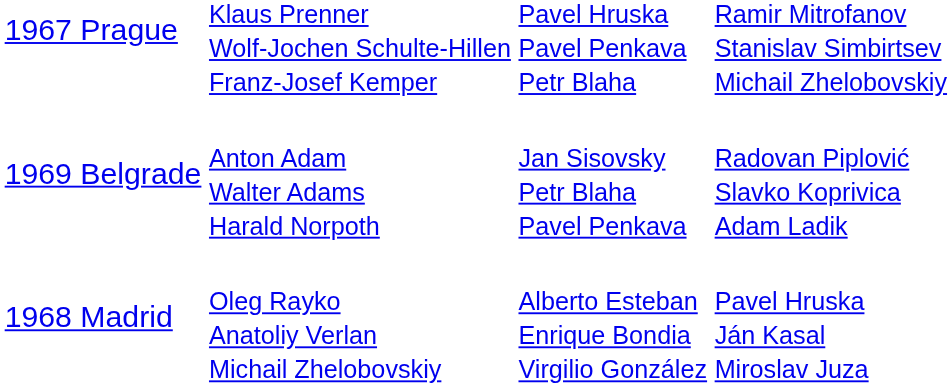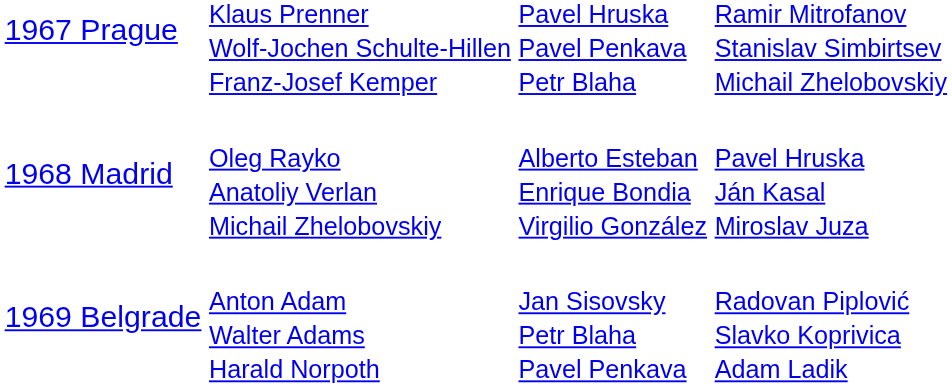 <table>
 <tr>
 <td><a href='#'>1967 Prague</a><br></td>
 <td><br><small><a href='#'>Klaus Prenner</a><br><a href='#'>Wolf-Jochen Schulte-Hillen</a><br><a href='#'>Franz-Josef Kemper</a></small></td>
 <td><br><small><a href='#'>Pavel Hruska</a><br><a href='#'>Pavel Penkava</a><br><a href='#'>Petr Blaha</a></small></td>
 <td><br><small><a href='#'>Ramir Mitrofanov</a><br><a href='#'>Stanislav Simbirtsev</a><br><a href='#'>Michail Zhelobovskiy</a></small></td>
 </tr>
 <tr>
+<td><a href='#'>1968 Madrid</a><br></td>
+<td><br><small><a href='#'>Oleg Rayko</a><br><a href='#'>Anatoliy Verlan</a><br><a href='#'>Michail Zhelobovskiy</a></small></td>
+<td><br><small><a href='#'>Alberto Esteban</a><br><a href='#'>Enrique Bondia</a><br><a href='#'>Virgilio González</a></small></td>
+<td><br><small><a href='#'>Pavel Hruska</a><br><a href='#'>Ján Kasal</a><br><a href='#'>Miroslav Juza</a></small></td>
+</tr>
+<tr>
 <td><a href='#'>1969 Belgrade</a><br></td>
 <td><br><small><a href='#'>Anton Adam</a><br><a href='#'>Walter Adams</a><br><a href='#'>Harald Norpoth</a></small></td>
 <td><br><small><a href='#'>Jan Sisovsky</a><br><a href='#'>Petr Blaha</a><br><a href='#'>Pavel Penkava</a></small></td>
 <td><br><small><a href='#'>Radovan Piplović</a><br><a href='#'>Slavko Koprivica</a><br><a href='#'>Adam Ladik</a></small></td>
 </tr>
 <tr>
-<td><a href='#'>1968 Madrid</a><br></td>
-<td><br><small><a href='#'>Oleg Rayko</a><br><a href='#'>Anatoliy Verlan</a><br><a href='#'>Michail Zhelobovskiy</a></small></td>
-<td><br><small><a href='#'>Alberto Esteban</a><br><a href='#'>Enrique Bondia</a><br><a href='#'>Virgilio González</a></small></td>
-<td><br><small><a href='#'>Pavel Hruska</a><br><a href='#'>Ján Kasal</a><br><a href='#'>Miroslav Juza</a></small></td>
-</tr>
-<tr>
 </tr>
 </table>
